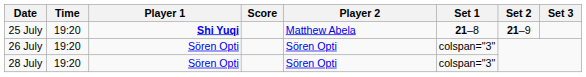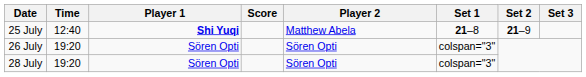 <table class="wikitable" style="font-size:90%; text-align:center">
 <tr>
 <th width="50">Date</th>
 <th width="50">Time</th>
 <th width="200">Player 1</th>
 <th width="50">Score</th>
 <th width="200">Player 2</th>
 <th width="50">Set 1</th>
 <th width="50">Set 2</th>
 <th width="50">Set 3</th>
 </tr>
 <tr>
 <td>25 July</td>
-<td>19:20</td>
+<td>12:40</td>
 <td align="right"><strong><a href='#'>Shi Yuqi</a> </strong></td>
 <td> </td>
 <td align="left"> <a href='#'>Matthew Abela</a></td>
 <td><strong>21</strong>–8</td>
 <td><strong>21</strong>–9</td>
 <td></td>
 </tr>
 <tr>
 <td>26 July</td>
 <td>19:20</td>
 <td align="right"><a href='#'>Sören Opti</a> </td>
 <td> </td>
 <td align="left"> <a href='#'>Sören Opti</a></td>
 <td>colspan="3" </td>
 </tr>
 <tr>
 <td>28 July</td>
 <td>19:20</td>
 <td align="right"><a href='#'>Sören Opti</a> </td>
 <td> </td>
 <td align="left"> <a href='#'>Sören Opti</a></td>
 <td>colspan="3" </td>
 </tr>
 </table>
